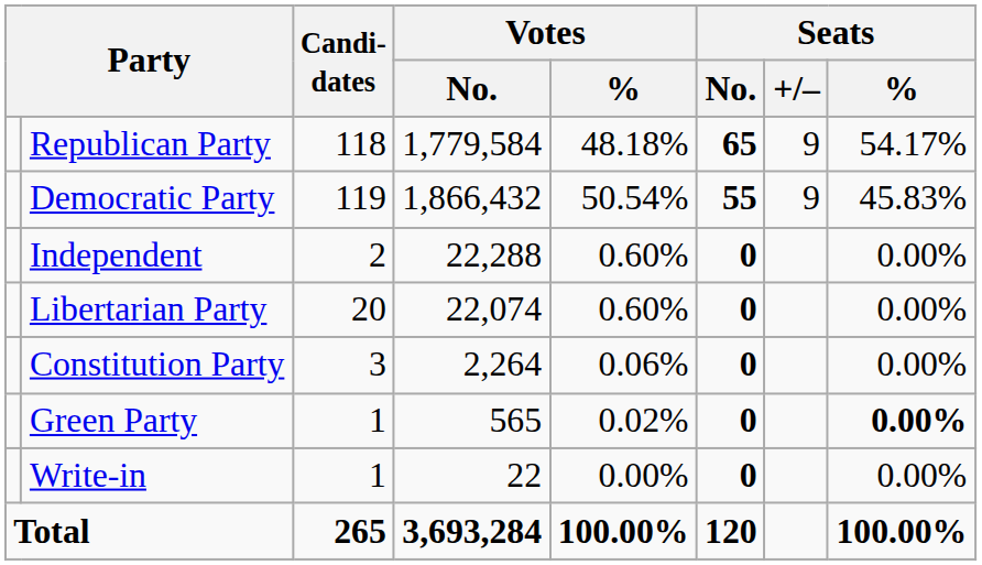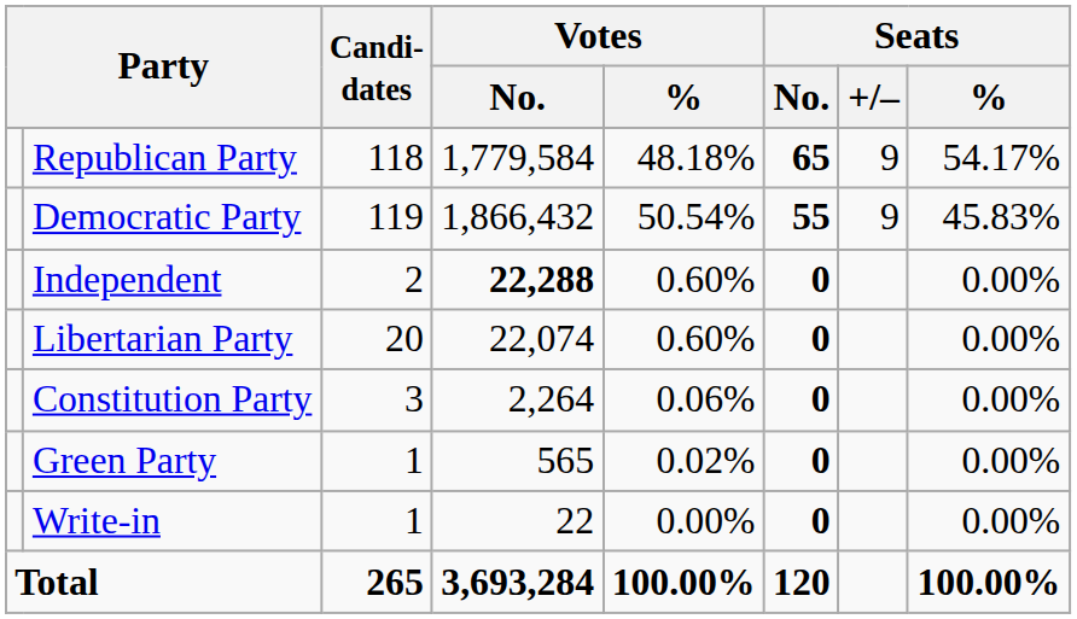 <table class="wikitable" style="font-size:100%; text-align:right;">
 <tr>
 <th colspan=2 rowspan=2>Party</th>
 <th rowspan=2><small>Candi-<br>dates</small></th>
 <th colspan=2>Votes</th>
 <th colspan=3>Seats</th>
 </tr>
 <tr>
 <th>No.</th>
 <th>%</th>
 <th>No.</th>
 <th>+/–</th>
 <th>%</th>
 </tr>
 <tr>
 <td style="background:"></td>
 <td align=left><a href='#'>Republican Party</a></td>
 <td>118</td>
 <td>1,779,584</td>
 <td>48.18%</td>
 <td><strong>65</strong></td>
 <td>9</td>
 <td>54.17%</td>
 </tr>
 <tr>
 <td style="background:"></td>
 <td align=left><a href='#'>Democratic Party</a></td>
 <td>119</td>
 <td>1,866,432</td>
 <td>50.54%</td>
 <td><strong>55</strong></td>
 <td>9</td>
 <td>45.83%</td>
 </tr>
 <tr>
 <td style="background:"></td>
 <td align=left><a href='#'>Independent</a></td>
 <td>2</td>
-<td>22,288</td>
+<td><strong>22,288</strong></td>
 <td>0.60%</td>
 <td><strong>0</strong></td>
 <td></td>
 <td>0.00%</td>
 </tr>
 <tr>
 <td style="background:"></td>
 <td align=left><a href='#'>Libertarian Party</a></td>
 <td>20</td>
 <td>22,074</td>
 <td>0.60%</td>
 <td><strong>0</strong></td>
 <td></td>
 <td>0.00%</td>
 </tr>
 <tr>
 <td style="background:"></td>
 <td align=left><a href='#'>Constitution Party</a></td>
 <td>3</td>
 <td>2,264</td>
 <td>0.06%</td>
 <td><strong>0</strong></td>
 <td></td>
 <td>0.00%</td>
 </tr>
 <tr>
 <td style="background:"></td>
 <td align=left><a href='#'>Green Party</a></td>
 <td>1</td>
 <td>565</td>
 <td>0.02%</td>
 <td><strong>0</strong></td>
 <td></td>
-<td><strong>0.00%</strong></td>
+<td>0.00%</td>
 </tr>
 <tr>
 <td style="background:"></td>
 <td align=left><a href='#'>Write-in</a></td>
 <td>1</td>
 <td>22</td>
 <td>0.00%</td>
 <td><strong>0</strong></td>
 <td></td>
 <td>0.00%</td>
 </tr>
 <tr style="font-weight:bold">
 <td colspan=2 align=left>Total</td>
 <td>265</td>
 <td>3,693,284</td>
 <td>100.00%</td>
 <td>120</td>
 <td></td>
 <td>100.00%</td>
 </tr>
 </table>
